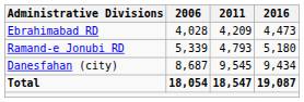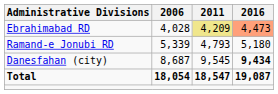 <table class="wikitable">
 <tr>
 <th>Administrative Divisions</th>
 <th>2006</th>
 <th>2011</th>
 <th>2016</th>
 </tr>
 <tr>
 <td><a href='#'>Ebrahimabad RD</a></td>
 <td style="text-align: right;">4,028</td>
-<td style="text-align: right;">4,209</td>
-<td style="text-align: right;">4,473</td>
+<td style="background: khaki; text-align: right;">4,209</td>
+<td style="background: lightsalmon; text-align: right;">4,473</td>
 </tr>
 <tr>
 <td><a href='#'>Ramand-e Jonubi RD</a></td>
 <td style="text-align: right;">5,339</td>
 <td style="text-align: right;">4,793</td>
 <td style="text-align: right;">5,180</td>
 </tr>
 <tr>
 <td><a href='#'>Danesfahan</a> (city)</td>
 <td style="text-align: right;">8,687</td>
 <td style="text-align: right;">9,545</td>
-<td style="text-align: right;">9,434</td>
+<td style="text-align: right;"><strong>9,434</strong></td>
 </tr>
 <tr>
 <td><strong>Total</strong></td>
 <td style="text-align: right;"><strong>18,054</strong></td>
 <td style="text-align: right;"><strong>18,547</strong></td>
 <td style="text-align: right;"><strong>19,087</strong></td>
 </tr>
 <tr>
 <td colspan=4></td>
 </tr>
 </table>
